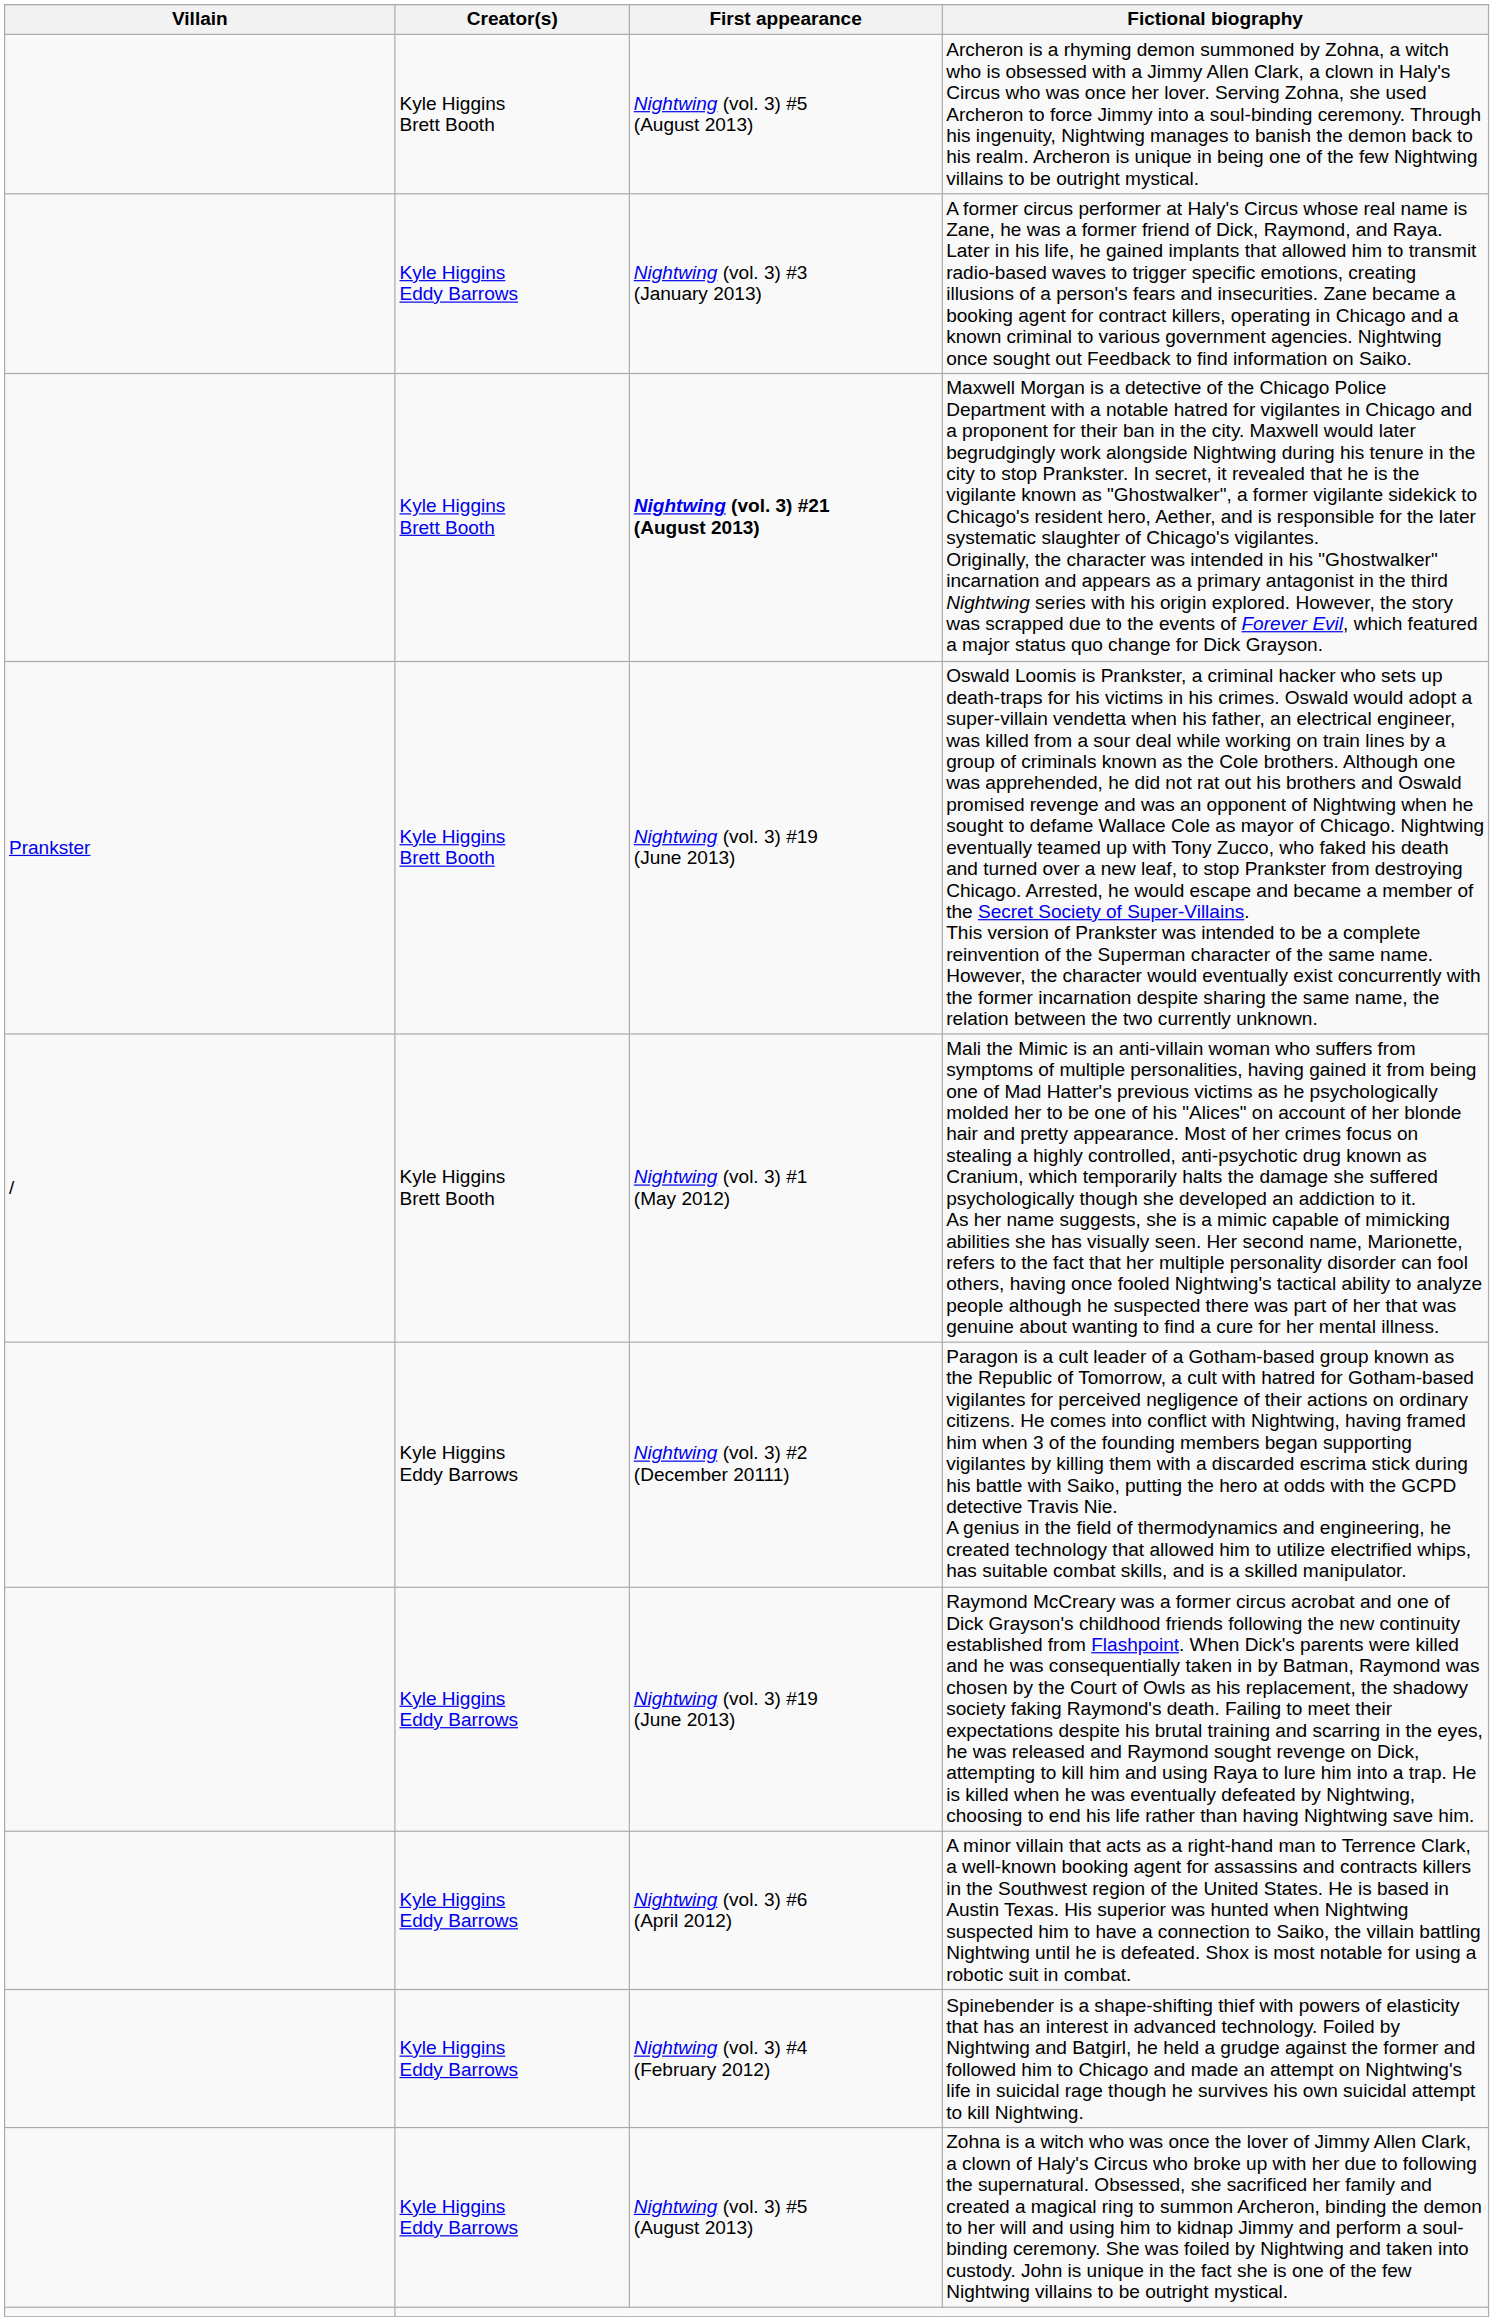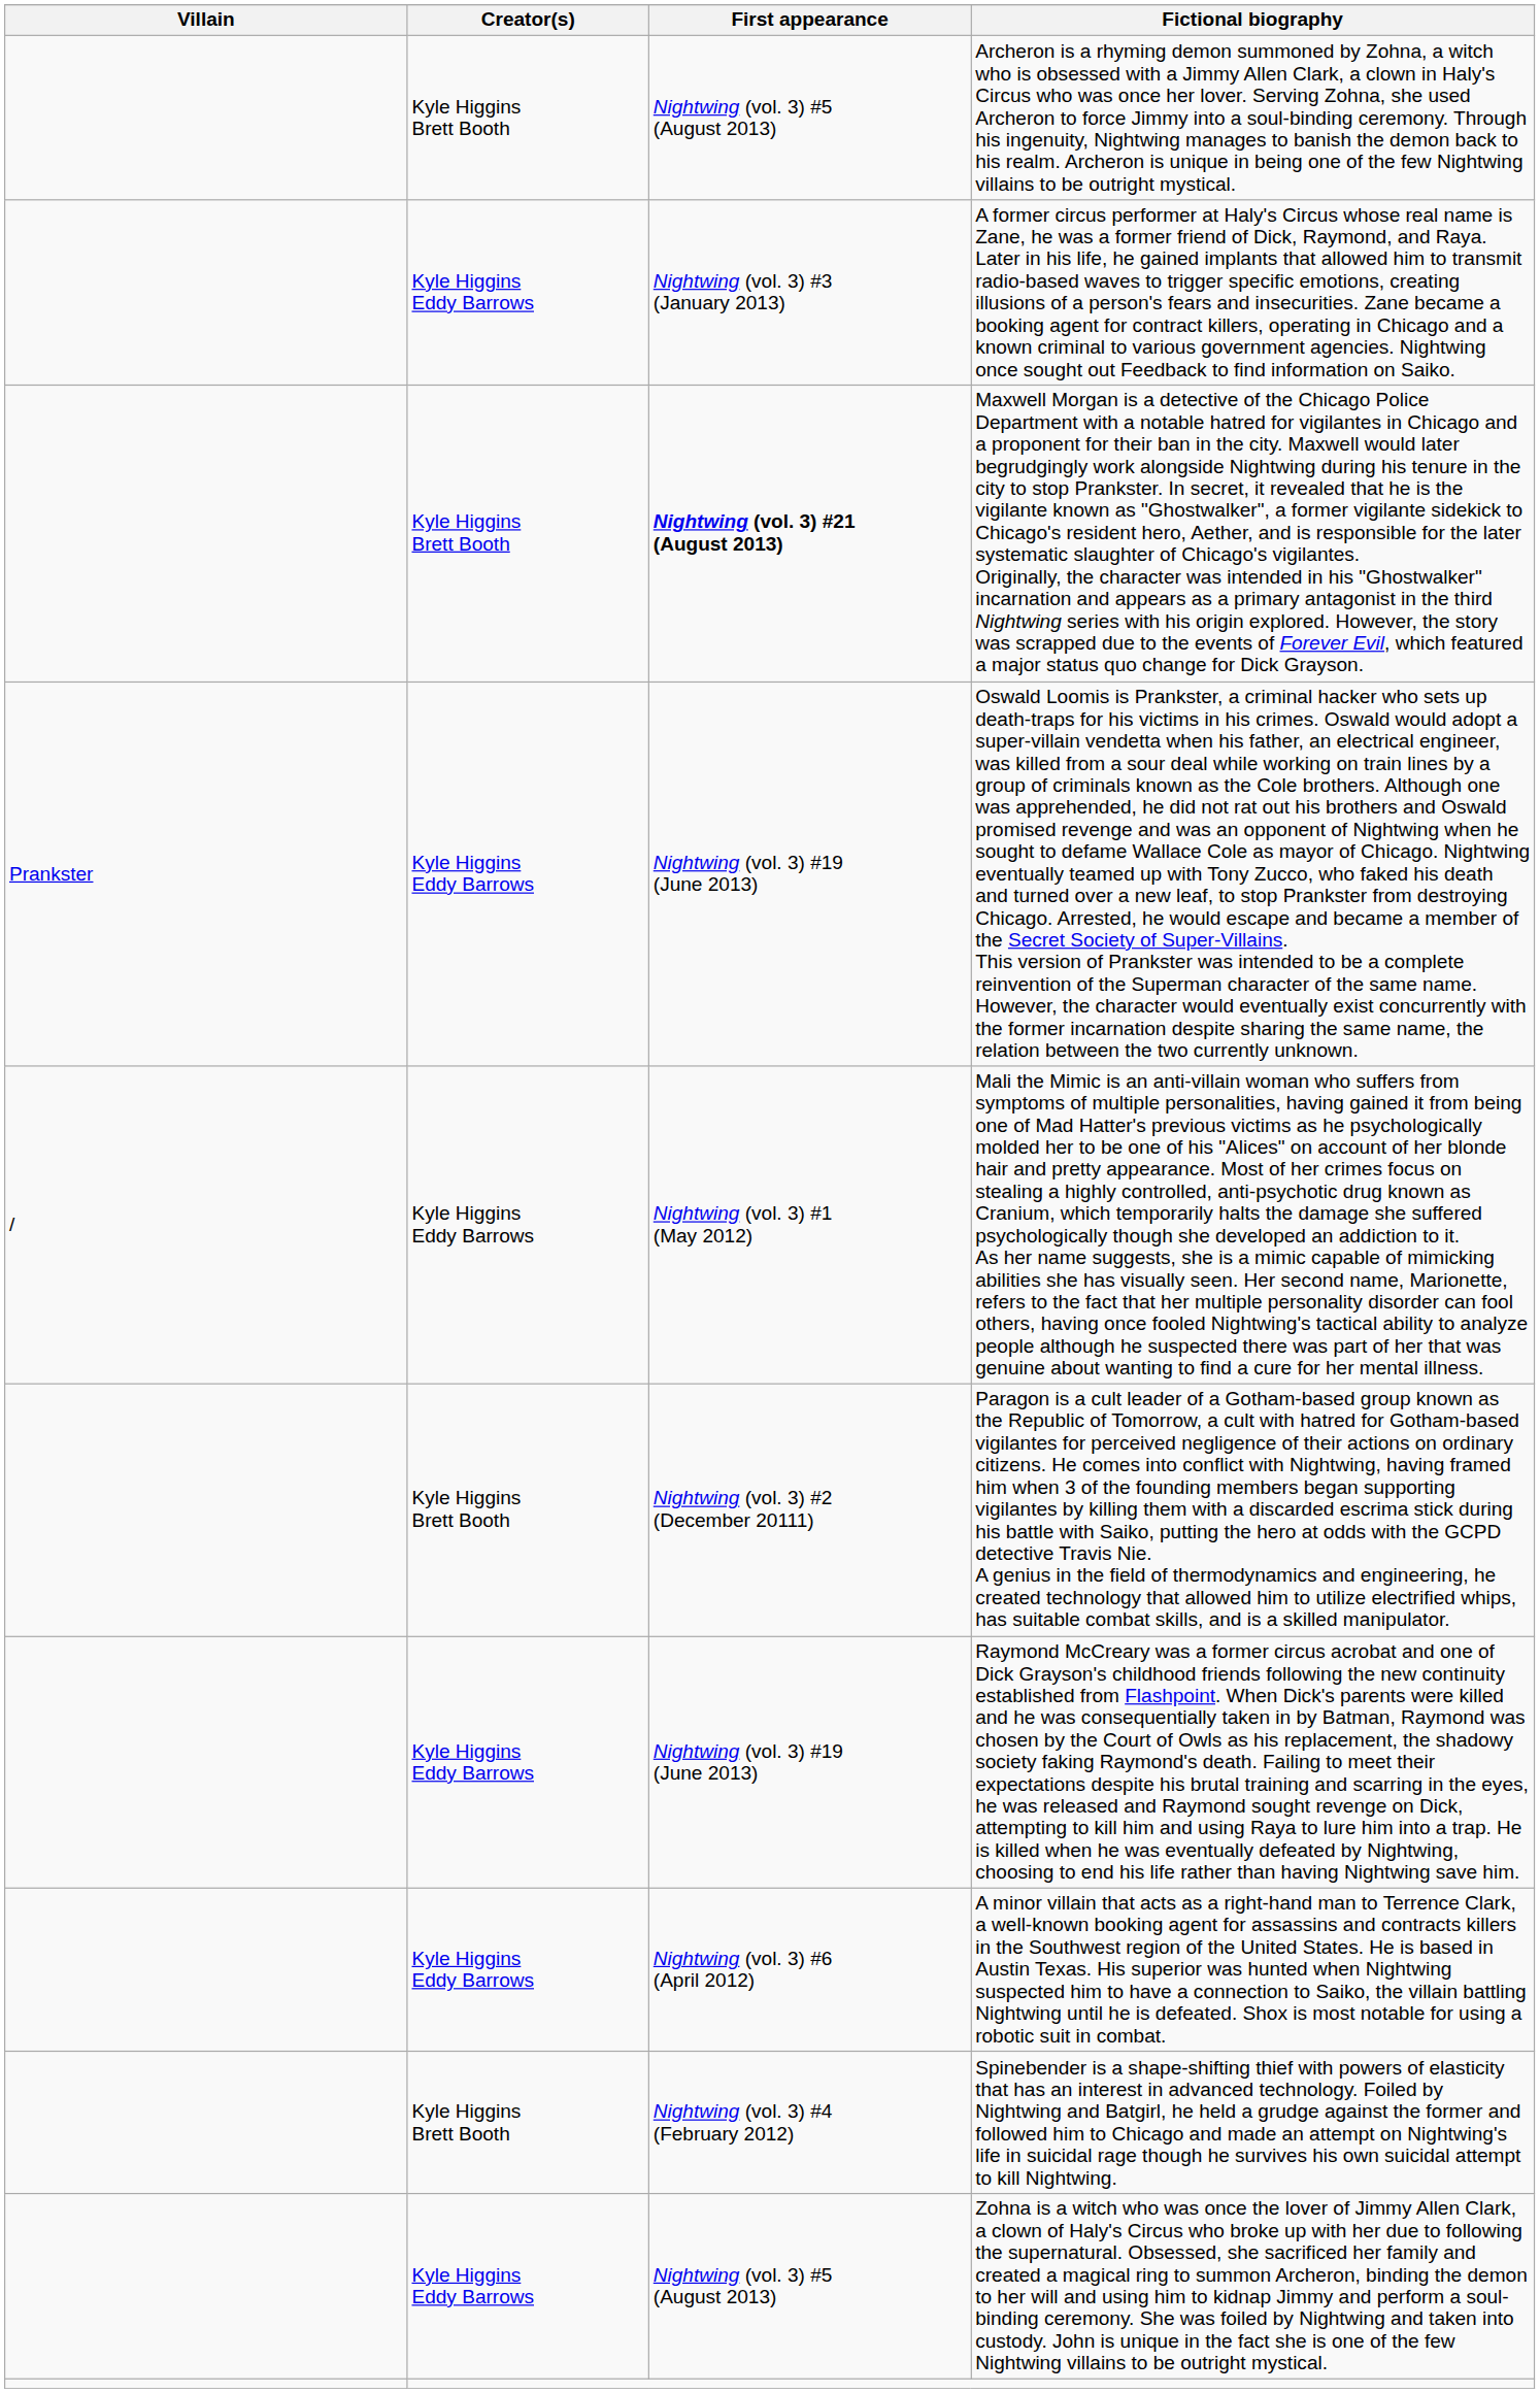 <table class="wikitable">
 <tr>
 </tr>
 <tr>
 <th style="width:25%">Villain</th>
 <th style="width:15%;">Creator(s)</th>
 <th style="width:20%;">First appearance</th>
 <th style="width:35%;">Fictional biography</th>
 </tr>
 <tr>
 <td></td>
 <td>Kyle Higgins<br>Brett Booth</td>
 <td><em><a href='#'>Nightwing</a></em> (vol. 3) #5<br>(August 2013)</td>
 <td>Archeron is a rhyming demon summoned by Zohna, a witch who is obsessed with a Jimmy Allen Clark, a clown in Haly's Circus who was once her lover. Serving Zohna, she used Archeron to force Jimmy into a soul-binding ceremony. Through his ingenuity, Nightwing manages to banish the demon back to his realm. Archeron is unique in being one of the few Nightwing villains to be outright mystical.</td>
 </tr>
 <tr>
 <td></td>
 <td><a href='#'>Kyle Higgins</a><br><a href='#'>Eddy Barrows</a></td>
 <td><em><a href='#'>Nightwing</a></em> (vol. 3) #3<br>(January 2013)</td>
 <td>A former circus performer at Haly's Circus whose real name is Zane, he was a former friend of Dick, Raymond, and Raya. Later in his life, he gained implants that allowed him to transmit radio-based waves to trigger specific emotions, creating illusions of a person's fears and insecurities. Zane became a booking agent for contract killers, operating in Chicago and a known criminal to various government agencies. Nightwing once sought out Feedback to find information on Saiko.</td>
 </tr>
 <tr>
 <td></td>
 <td><a href='#'>Kyle Higgins</a><br><a href='#'>Brett Booth</a></td>
 <td><strong><em><a href='#'>Nightwing</a></em> (vol. 3) #21<br>(August 2013)</strong></td>
 <td>Maxwell Morgan is a detective of the Chicago Police Department with a notable hatred for vigilantes in Chicago and a proponent for their ban in the city. Maxwell would later begrudgingly work alongside Nightwing during his tenure in the city to stop Prankster. In secret, it revealed that he is the vigilante known as "Ghostwalker", a former vigilante sidekick to Chicago's resident hero, Aether, and is responsible for the later systematic slaughter of Chicago's vigilantes.<br>Originally, the character was intended in his "Ghostwalker" incarnation and appears as a primary antagonist in the third <em>Nightwing</em> series with his origin explored. However, the story was scrapped due to the events of <em><a href='#'>Forever Evil</a></em>, which featured a major status quo change for Dick Grayson.</td>
 </tr>
 <tr>
 <td><a href='#'>Prankster</a></td>
-<td><a href='#'>Kyle Higgins</a><br><a href='#'>Brett Booth</a></td>
+<td><a href='#'>Kyle Higgins</a><br><a href='#'>Eddy Barrows</a></td>
 <td><em><a href='#'>Nightwing</a></em> (vol. 3) #19<br>(June 2013)</td>
 <td>Oswald Loomis is Prankster, a criminal hacker who sets up death-traps for his victims in his crimes. Oswald would adopt a super-villain vendetta when his father, an electrical engineer, was killed from a sour deal while working on train lines by a group of criminals known as the Cole brothers. Although one was apprehended, he did not rat out his brothers and Oswald promised revenge and was an opponent of Nightwing when he sought to defame Wallace Cole as mayor of Chicago. Nightwing eventually teamed up with Tony Zucco, who faked his death and turned over a new leaf, to stop Prankster from destroying Chicago. Arrested, he would escape and became a member of the <a href='#'>Secret Society of Super-Villains</a>.<br>This version of Prankster was intended to be a complete reinvention of the Superman character of the same name. However, the character would eventually exist concurrently with the former incarnation despite sharing the same name, the relation between the two currently unknown.</td>
 </tr>
 <tr>
 <td> / </td>
-<td>Kyle Higgins<br>Brett Booth</td>
+<td>Kyle Higgins<br>Eddy Barrows</td>
 <td><em><a href='#'>Nightwing</a></em> (vol. 3) #1<br>(May 2012)</td>
 <td>Mali the Mimic is an anti-villain woman who suffers from symptoms of multiple personalities, having gained it from being one of Mad Hatter's previous victims as he psychologically molded her to be one of his "Alices" on account of her blonde hair and pretty appearance. Most of her crimes focus on stealing a highly controlled, anti-psychotic drug known as Cranium, which temporarily halts the damage she suffered psychologically though she developed an addiction to it.<br>As her name suggests, she is a mimic capable of mimicking abilities she has visually seen. Her second name, Marionette, refers to the fact that her multiple personality disorder can fool others, having once fooled Nightwing's tactical ability to analyze people although he suspected there was part of her that was genuine about wanting to find a cure for her mental illness.</td>
 </tr>
 <tr>
 <td></td>
-<td>Kyle Higgins<br>Eddy Barrows</td>
+<td>Kyle Higgins<br>Brett Booth</td>
 <td><em><a href='#'>Nightwing</a></em> (vol. 3) #2<br>(December 20111)</td>
 <td>Paragon is a cult leader of a Gotham-based group known as the Republic of Tomorrow, a cult with hatred for Gotham-based vigilantes for perceived negligence of their actions on ordinary citizens. He comes into conflict with Nightwing, having framed him when 3 of the founding members began supporting vigilantes by killing them with a discarded escrima stick during his battle with Saiko, putting the hero at odds with the GCPD detective Travis Nie.<br>A genius in the field of thermodynamics and engineering, he created technology that allowed him to utilize electrified whips, has suitable combat skills, and is a skilled manipulator.</td>
 </tr>
 <tr>
 <td></td>
 <td><a href='#'>Kyle Higgins</a><br><a href='#'>Eddy Barrows</a></td>
 <td><em><a href='#'>Nightwing</a></em> (vol. 3) #19<br>(June 2013)</td>
 <td>Raymond McCreary was a former circus acrobat and one of Dick Grayson's childhood friends following the new continuity established from <a href='#'>Flashpoint</a>. When Dick's parents were killed and he was consequentially taken in by Batman, Raymond was chosen by the Court of Owls as his replacement, the shadowy society faking Raymond's death. Failing to meet their expectations despite his brutal training and scarring in the eyes, he was released and Raymond sought revenge on Dick, attempting to kill him and using Raya to lure him into a trap. He is killed when he was eventually defeated by Nightwing, choosing to end his life rather than having Nightwing save him.</td>
 </tr>
 <tr>
 <td></td>
 <td><a href='#'>Kyle Higgins</a><br><a href='#'>Eddy Barrows</a></td>
 <td><em><a href='#'>Nightwing</a></em> (vol. 3) #6<br>(April 2012)</td>
 <td>A minor villain that acts as a right-hand man to Terrence Clark, a well-known booking agent for assassins and contracts killers in the Southwest region of the United States. He is based in Austin Texas. His superior was hunted when Nightwing suspected him to have a connection to Saiko, the villain battling Nightwing until he is defeated. Shox is most notable for using a robotic suit in combat.</td>
 </tr>
 <tr>
 <td></td>
-<td><a href='#'>Kyle Higgins</a><br><a href='#'>Eddy Barrows</a></td>
+<td>Kyle Higgins<br>Brett Booth</td>
 <td><em><a href='#'>Nightwing</a></em> (vol. 3) #4<br>(February 2012)</td>
 <td>Spinebender is a shape-shifting thief with powers of elasticity that has an interest in advanced technology. Foiled by Nightwing and Batgirl, he held a grudge against the former and followed him to Chicago and made an attempt on Nightwing's life in suicidal rage though he survives his own suicidal attempt to kill Nightwing.</td>
 </tr>
 <tr>
 <td></td>
 <td><a href='#'>Kyle Higgins</a><br><a href='#'>Eddy Barrows</a></td>
 <td><em><a href='#'>Nightwing</a></em> (vol. 3) #5<br>(August 2013)</td>
 <td>Zohna is a witch who was once the lover of Jimmy Allen Clark, a clown of Haly's Circus who broke up with her due to following the supernatural. Obsessed, she sacrificed her family and created a magical ring to summon Archeron, binding the demon to her will and using him to kidnap Jimmy and perform a soul-binding ceremony. She was foiled by Nightwing and taken into custody. John is unique in the fact she is one of the few Nightwing villains to be outright mystical.</td>
 </tr>
 <tr>
 <td></td>
 </tr>
 </table>
